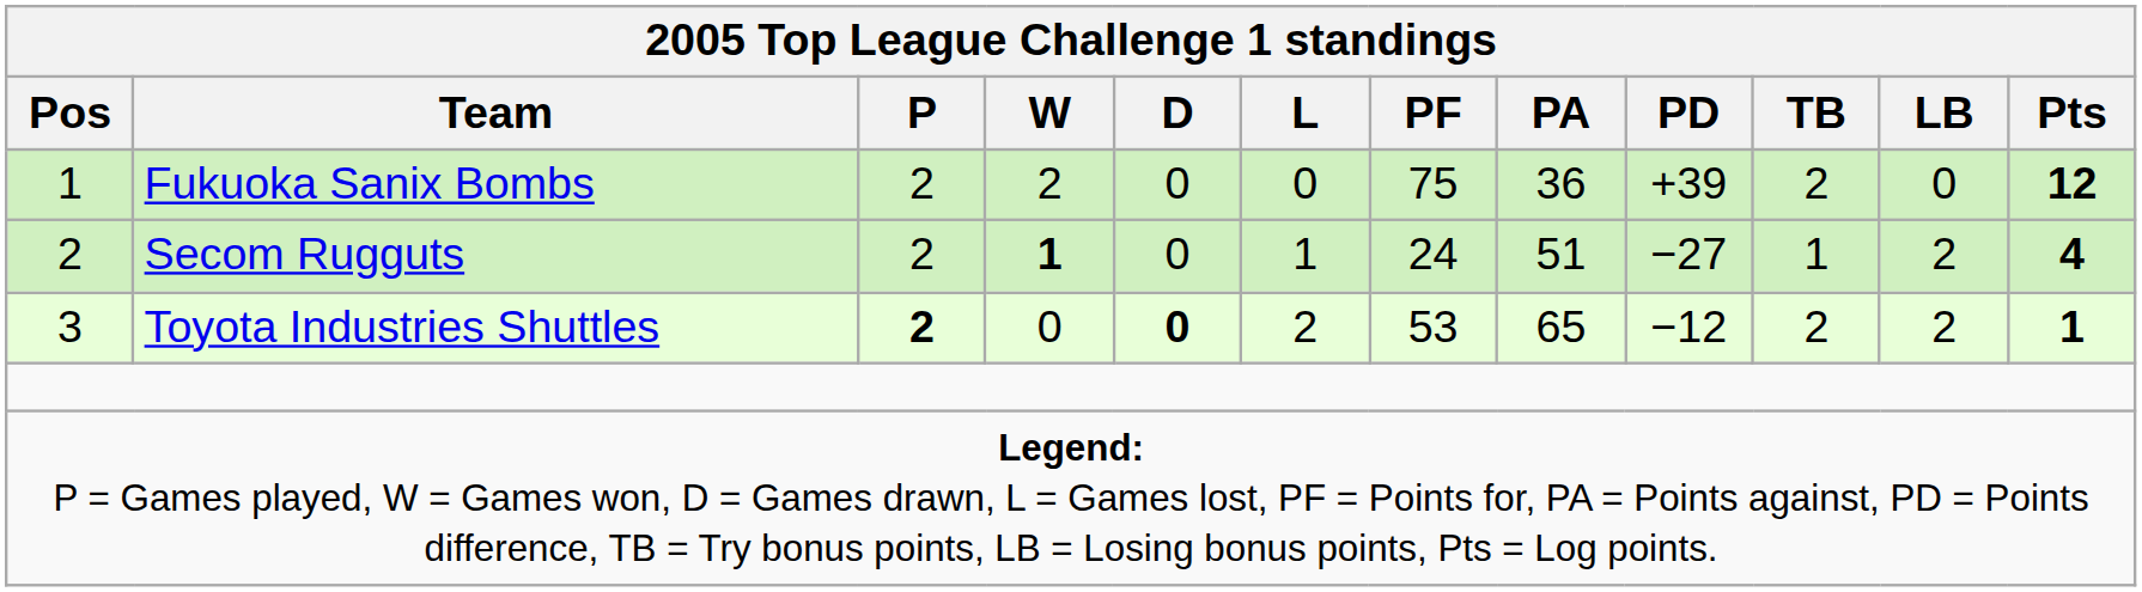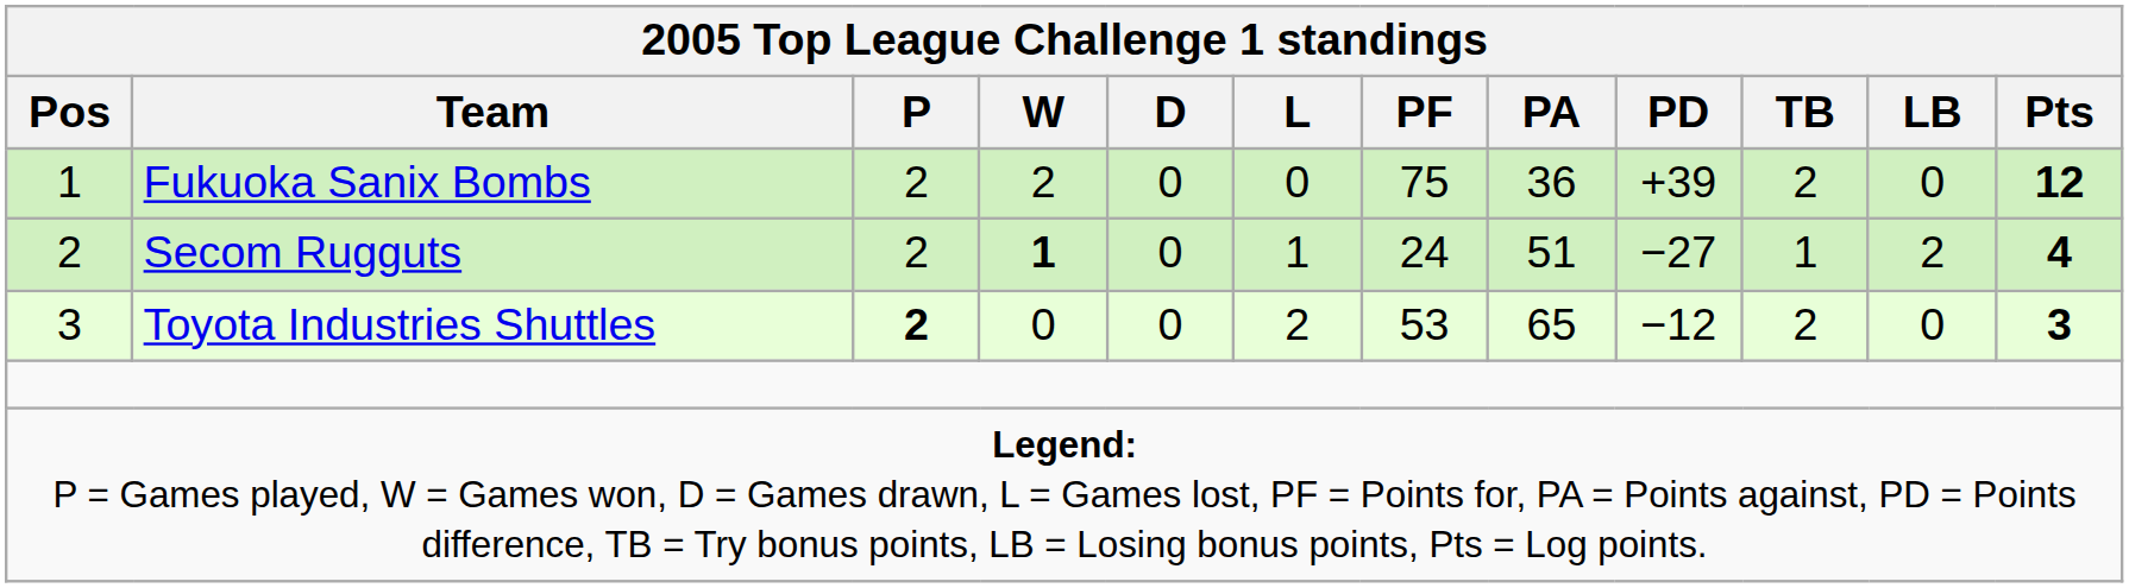 <table class="wikitable" style="text-align:center; font-size:100%; width:60%;">
 <tr>
 <th colspan="100%" cellpadding="0" cellspacing="0"><strong>2005 Top League Challenge 1 standings</strong></th>
 </tr>
 <tr>
 <th style="width:6%;">Pos</th>
 <th style="width:34%;">Team</th>
 <th style="width:6%;">P</th>
 <th style="width:6%;">W</th>
 <th style="width:6%;">D</th>
 <th style="width:6%;">L</th>
 <th style="width:6%;">PF</th>
 <th style="width:6%;">PA</th>
 <th style="width:6%;">PD</th>
 <th style="width:6%;">TB</th>
 <th style="width:6%;">LB</th>
 <th style="width:6%;">Pts<br></th>
 </tr>
 <tr style="background:#D0F0C0;">
 <td>1</td>
 <td style="text-align:left;"><a href='#'>Fukuoka Sanix Bombs</a></td>
 <td>2</td>
 <td>2</td>
 <td>0</td>
 <td>0</td>
 <td>75</td>
 <td>36</td>
 <td>+39</td>
 <td>2</td>
 <td>0</td>
 <td><strong>12</strong></td>
 </tr>
 <tr style="background:#D0F0C0;">
 <td>2</td>
 <td style="text-align:left;"><a href='#'>Secom Rugguts</a></td>
 <td>2</td>
 <td><strong>1</strong></td>
 <td>0</td>
 <td>1</td>
 <td>24</td>
 <td>51</td>
 <td>−27</td>
 <td>1</td>
 <td>2</td>
 <td><strong>4</strong></td>
 </tr>
 <tr style="background:#E8FFD8;">
 <td>3</td>
 <td style="text-align:left;"><a href='#'>Toyota Industries Shuttles</a></td>
 <td><strong>2</strong></td>
 <td>0</td>
-<td><strong>0</strong></td>
+<td>0</td>
 <td>2</td>
 <td>53</td>
 <td>65</td>
 <td>−12</td>
 <td>2</td>
-<td>2</td>
-<td><strong>1</strong></td>
+<td>0</td>
+<td><strong>3</strong></td>
 </tr>
 <tr>
 <td colspan="100%" style="height:10px;"></td>
 </tr>
 <tr>
 <td colspan="100%"><small><strong>Legend:</strong> <br> P = Games played, W = Games won, D = Games drawn, L = Games lost, PF = Points for, PA = Points against, PD = Points difference, TB = Try bonus points, LB = Losing bonus points, Pts = Log points.</small></td>
 </tr>
 </table>
